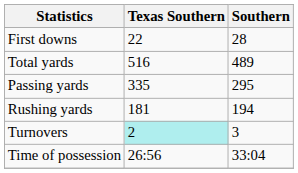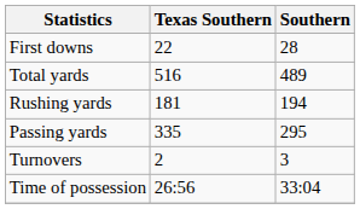 <table class="wikitable">
 <tr>
 <th>Statistics</th>
 <th>Texas Southern</th>
 <th>Southern</th>
 </tr>
 <tr>
 <td>First downs</td>
 <td>22</td>
 <td>28</td>
 </tr>
 <tr>
 <td>Total yards</td>
 <td>516</td>
 <td>489</td>
 </tr>
 <tr>
+<td>Rushing yards</td>
+<td>181</td>
+<td>194</td>
+</tr>
+<tr>
 <td>Passing yards</td>
 <td>335</td>
 <td>295</td>
 </tr>
 <tr>
-<td>Rushing yards</td>
-<td>181</td>
-<td>194</td>
-</tr>
-<tr>
 <td>Turnovers</td>
-<td style="background: paleturquoise;">2</td>
+<td>2</td>
 <td>3</td>
 </tr>
 <tr>
 <td>Time of possession</td>
 <td>26:56</td>
 <td>33:04</td>
 </tr>
 <tr>
 </tr>
 </table>
